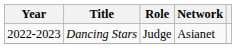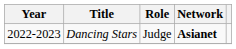 <table class="wikitable sortable">
 <tr>
 <th>Year</th>
 <th>Title</th>
 <th>Role</th>
 <th>Network</th>
 <th></th>
 </tr>
 <tr>
 <td>2022-2023</td>
 <td><em>Dancing Stars</em></td>
 <td>Judge</td>
-<td>Asianet</td>
+<td><strong>Asianet</strong></td>
 <td></td>
 </tr>
 <tr>
 </tr>
 </table>
